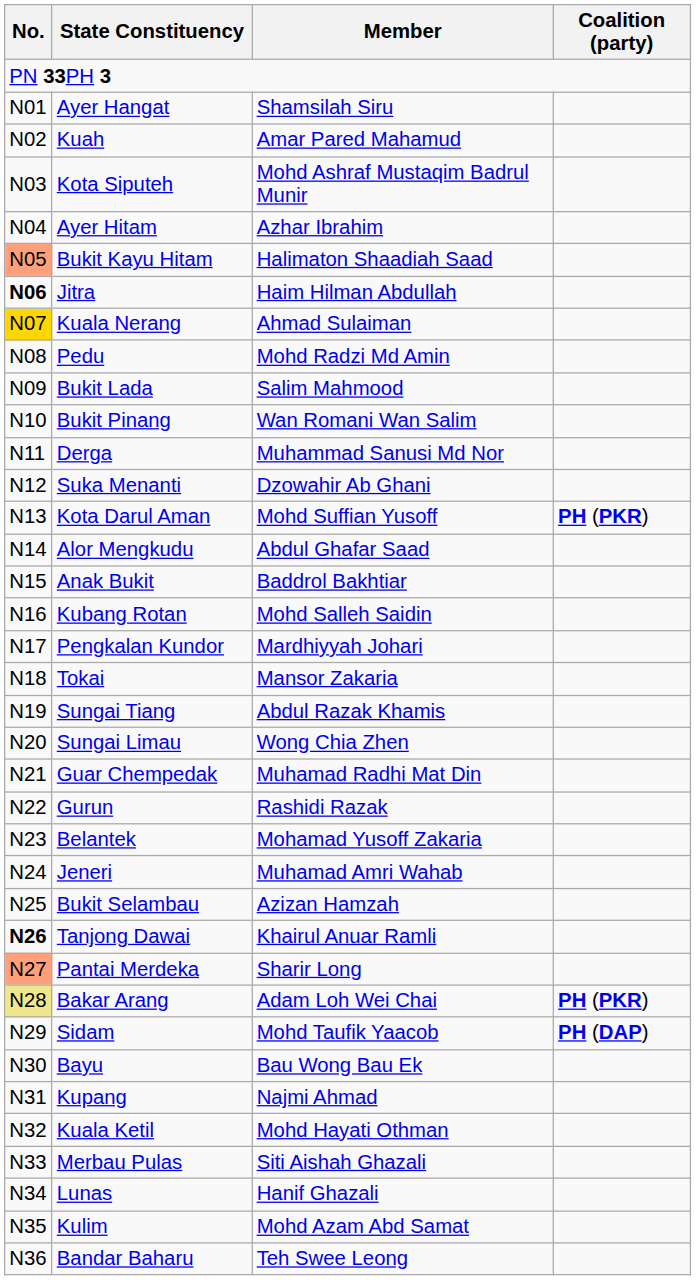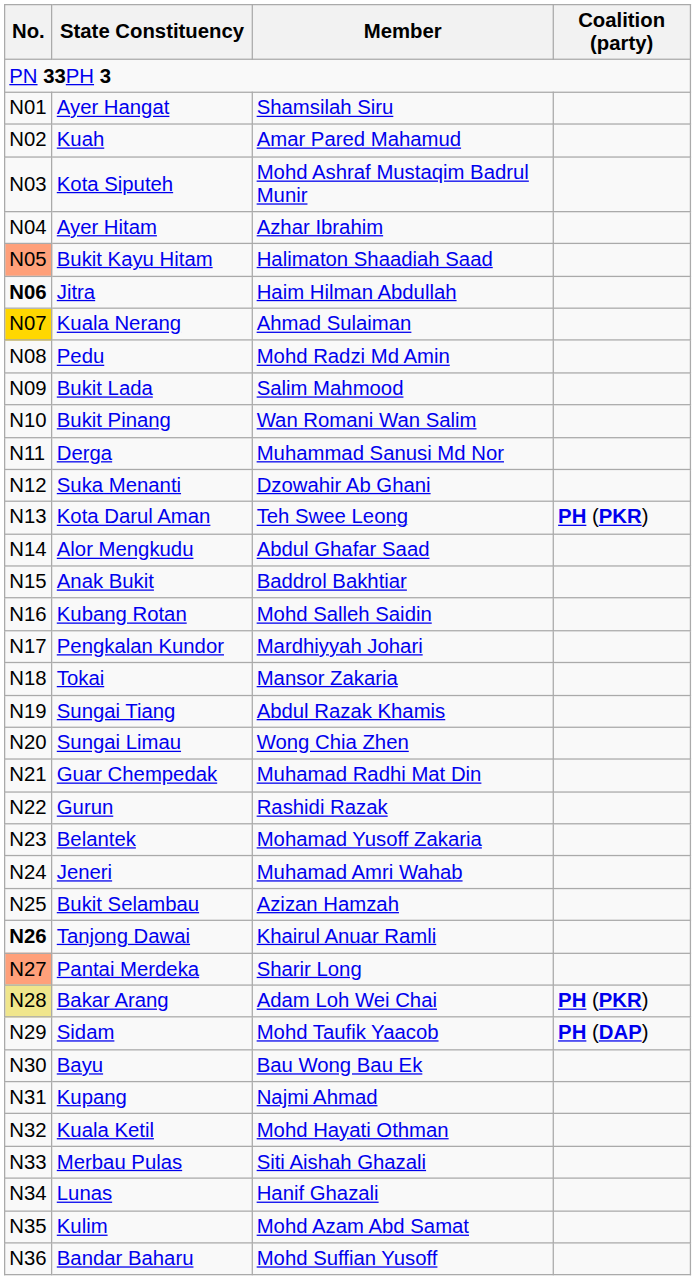 <table class="wikitable sortable">
 <tr>
 <th style="width:30px;">No.</th>
 <th style="width:150px;">State Constituency</th>
 <th style="width:230px;">Member</th>
 <th style="width:100px;">Coalition (party)</th>
 </tr>
 <tr>
 <td colspan="4"><a href='#'>PN</a> <strong>33</strong><a href='#'>PH</a> <strong>3</strong></td>
 </tr>
 <tr>
 <td>N01</td>
 <td><a href='#'>Ayer Hangat</a></td>
 <td><a href='#'>Shamsilah Siru</a></td>
 <td></td>
 </tr>
 <tr>
 <td>N02</td>
 <td><a href='#'>Kuah</a></td>
 <td><a href='#'>Amar Pared Mahamud</a></td>
 <td></td>
 </tr>
 <tr>
 <td>N03</td>
 <td><a href='#'>Kota Siputeh</a></td>
 <td><a href='#'>Mohd Ashraf Mustaqim Badrul Munir</a></td>
 <td></td>
 </tr>
 <tr>
 <td>N04</td>
 <td><a href='#'>Ayer Hitam</a></td>
 <td><a href='#'>Azhar Ibrahim</a></td>
 <td></td>
 </tr>
 <tr>
 <td style="background: lightsalmon;">N05</td>
 <td><a href='#'>Bukit Kayu Hitam</a></td>
 <td><a href='#'>Halimaton Shaadiah Saad</a></td>
 <td></td>
 </tr>
 <tr>
 <td><strong>N06</strong></td>
 <td><a href='#'>Jitra</a></td>
 <td><a href='#'>Haim Hilman Abdullah</a></td>
 <td></td>
 </tr>
 <tr>
 <td style="background: gold;">N07</td>
 <td><a href='#'>Kuala Nerang</a></td>
 <td><a href='#'>Ahmad Sulaiman</a></td>
 <td></td>
 </tr>
 <tr>
 <td>N08</td>
 <td><a href='#'>Pedu</a></td>
 <td><a href='#'>Mohd Radzi Md Amin</a></td>
 <td></td>
 </tr>
 <tr>
 <td>N09</td>
 <td><a href='#'>Bukit Lada</a></td>
 <td><a href='#'>Salim Mahmood</a></td>
 <td></td>
 </tr>
 <tr>
 <td>N10</td>
 <td><a href='#'>Bukit Pinang</a></td>
 <td><a href='#'>Wan Romani Wan Salim</a></td>
 <td></td>
 </tr>
 <tr>
 <td>N11</td>
 <td><a href='#'>Derga</a></td>
 <td><a href='#'>Muhammad Sanusi Md Nor</a></td>
 <td></td>
 </tr>
 <tr>
 <td>N12</td>
 <td><a href='#'>Suka Menanti</a></td>
 <td><a href='#'>Dzowahir Ab Ghani</a></td>
 <td></td>
 </tr>
 <tr>
 <td>N13</td>
 <td><a href='#'>Kota Darul Aman</a></td>
-<td><a href='#'>Mohd Suffian Yusoff</a></td>
+<td><a href='#'>Teh Swee Leong</a></td>
 <td><strong><a href='#'>PH</a></strong> (<strong><a href='#'>PKR</a></strong>)</td>
 </tr>
 <tr>
 <td>N14</td>
 <td><a href='#'>Alor Mengkudu</a></td>
 <td><a href='#'>Abdul Ghafar Saad</a></td>
 <td></td>
 </tr>
 <tr>
 <td>N15</td>
 <td><a href='#'>Anak Bukit</a></td>
 <td><a href='#'>Baddrol Bakhtiar</a></td>
 <td></td>
 </tr>
 <tr>
 <td>N16</td>
 <td><a href='#'>Kubang Rotan</a></td>
 <td><a href='#'>Mohd Salleh Saidin</a></td>
 <td></td>
 </tr>
 <tr>
 <td>N17</td>
 <td><a href='#'>Pengkalan Kundor</a></td>
 <td><a href='#'>Mardhiyyah Johari</a></td>
 <td></td>
 </tr>
 <tr>
 <td>N18</td>
 <td><a href='#'>Tokai</a></td>
 <td><a href='#'>Mansor Zakaria</a></td>
 <td></td>
 </tr>
 <tr>
 <td>N19</td>
 <td><a href='#'>Sungai Tiang</a></td>
 <td><a href='#'>Abdul Razak Khamis</a></td>
 <td></td>
 </tr>
 <tr>
 <td>N20</td>
 <td><a href='#'>Sungai Limau</a></td>
 <td><a href='#'>Wong Chia Zhen</a></td>
 <td></td>
 </tr>
 <tr>
 <td>N21</td>
 <td><a href='#'>Guar Chempedak</a></td>
 <td><a href='#'>Muhamad Radhi Mat Din</a></td>
 <td></td>
 </tr>
 <tr>
 <td>N22</td>
 <td><a href='#'>Gurun</a></td>
 <td><a href='#'>Rashidi Razak</a></td>
 <td></td>
 </tr>
 <tr>
 <td>N23</td>
 <td><a href='#'>Belantek</a></td>
 <td><a href='#'>Mohamad Yusoff Zakaria</a></td>
 <td></td>
 </tr>
 <tr>
 <td>N24</td>
 <td><a href='#'>Jeneri</a></td>
 <td><a href='#'>Muhamad Amri Wahab</a></td>
 <td></td>
 </tr>
 <tr>
 <td>N25</td>
 <td><a href='#'>Bukit Selambau</a></td>
 <td><a href='#'>Azizan Hamzah</a></td>
 <td></td>
 </tr>
 <tr>
 <td><strong>N26</strong></td>
 <td><a href='#'>Tanjong Dawai</a></td>
 <td><a href='#'>Khairul Anuar Ramli</a></td>
 <td></td>
 </tr>
 <tr>
 <td style="background: lightsalmon;">N27</td>
 <td><a href='#'>Pantai Merdeka</a></td>
 <td><a href='#'>Sharir Long</a></td>
 <td></td>
 </tr>
 <tr>
 <td style="background: khaki;">N28</td>
 <td><a href='#'>Bakar Arang</a></td>
 <td><a href='#'>Adam Loh Wei Chai</a></td>
 <td><strong><a href='#'>PH</a></strong> (<strong><a href='#'>PKR</a></strong>)</td>
 </tr>
 <tr>
 <td>N29</td>
 <td><a href='#'>Sidam</a></td>
 <td><a href='#'>Mohd Taufik Yaacob</a></td>
 <td><strong><a href='#'>PH</a></strong> (<strong><a href='#'>DAP</a></strong>)</td>
 </tr>
 <tr>
 <td>N30</td>
 <td><a href='#'>Bayu</a></td>
 <td><a href='#'>Bau Wong Bau Ek</a></td>
 <td></td>
 </tr>
 <tr>
 <td>N31</td>
 <td><a href='#'>Kupang</a></td>
 <td><a href='#'>Najmi Ahmad</a></td>
 <td></td>
 </tr>
 <tr>
 <td>N32</td>
 <td><a href='#'>Kuala Ketil</a></td>
 <td><a href='#'>Mohd Hayati Othman</a></td>
 <td></td>
 </tr>
 <tr>
 <td>N33</td>
 <td><a href='#'>Merbau Pulas</a></td>
 <td><a href='#'>Siti Aishah Ghazali</a></td>
 <td></td>
 </tr>
 <tr>
 <td>N34</td>
 <td><a href='#'>Lunas</a></td>
 <td><a href='#'>Hanif Ghazali</a></td>
 <td></td>
 </tr>
 <tr>
 <td>N35</td>
 <td><a href='#'>Kulim</a></td>
 <td><a href='#'>Mohd Azam Abd Samat</a></td>
 <td></td>
 </tr>
 <tr>
 <td>N36</td>
 <td><a href='#'>Bandar Baharu</a></td>
-<td><a href='#'>Teh Swee Leong</a></td>
+<td><a href='#'>Mohd Suffian Yusoff</a></td>
 <td></td>
 </tr>
 </table>
